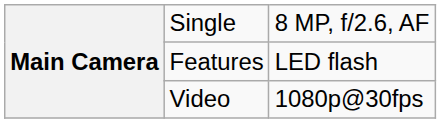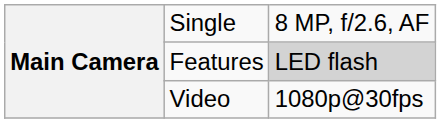 <table class="wikitable">
 <tr>
 <th rowspan="4">Main Camera</th>
 <td>Single</td>
 <td>8 MP, f/2.6, AF</td>
 </tr>
 <tr>
 <td>Features</td>
-<td>LED flash</td>
+<td style="background: lightgrey;">LED flash</td>
 </tr>
 <tr>
 <td>Video</td>
 <td>1080p@30fps</td>
 </tr>
 </table>
